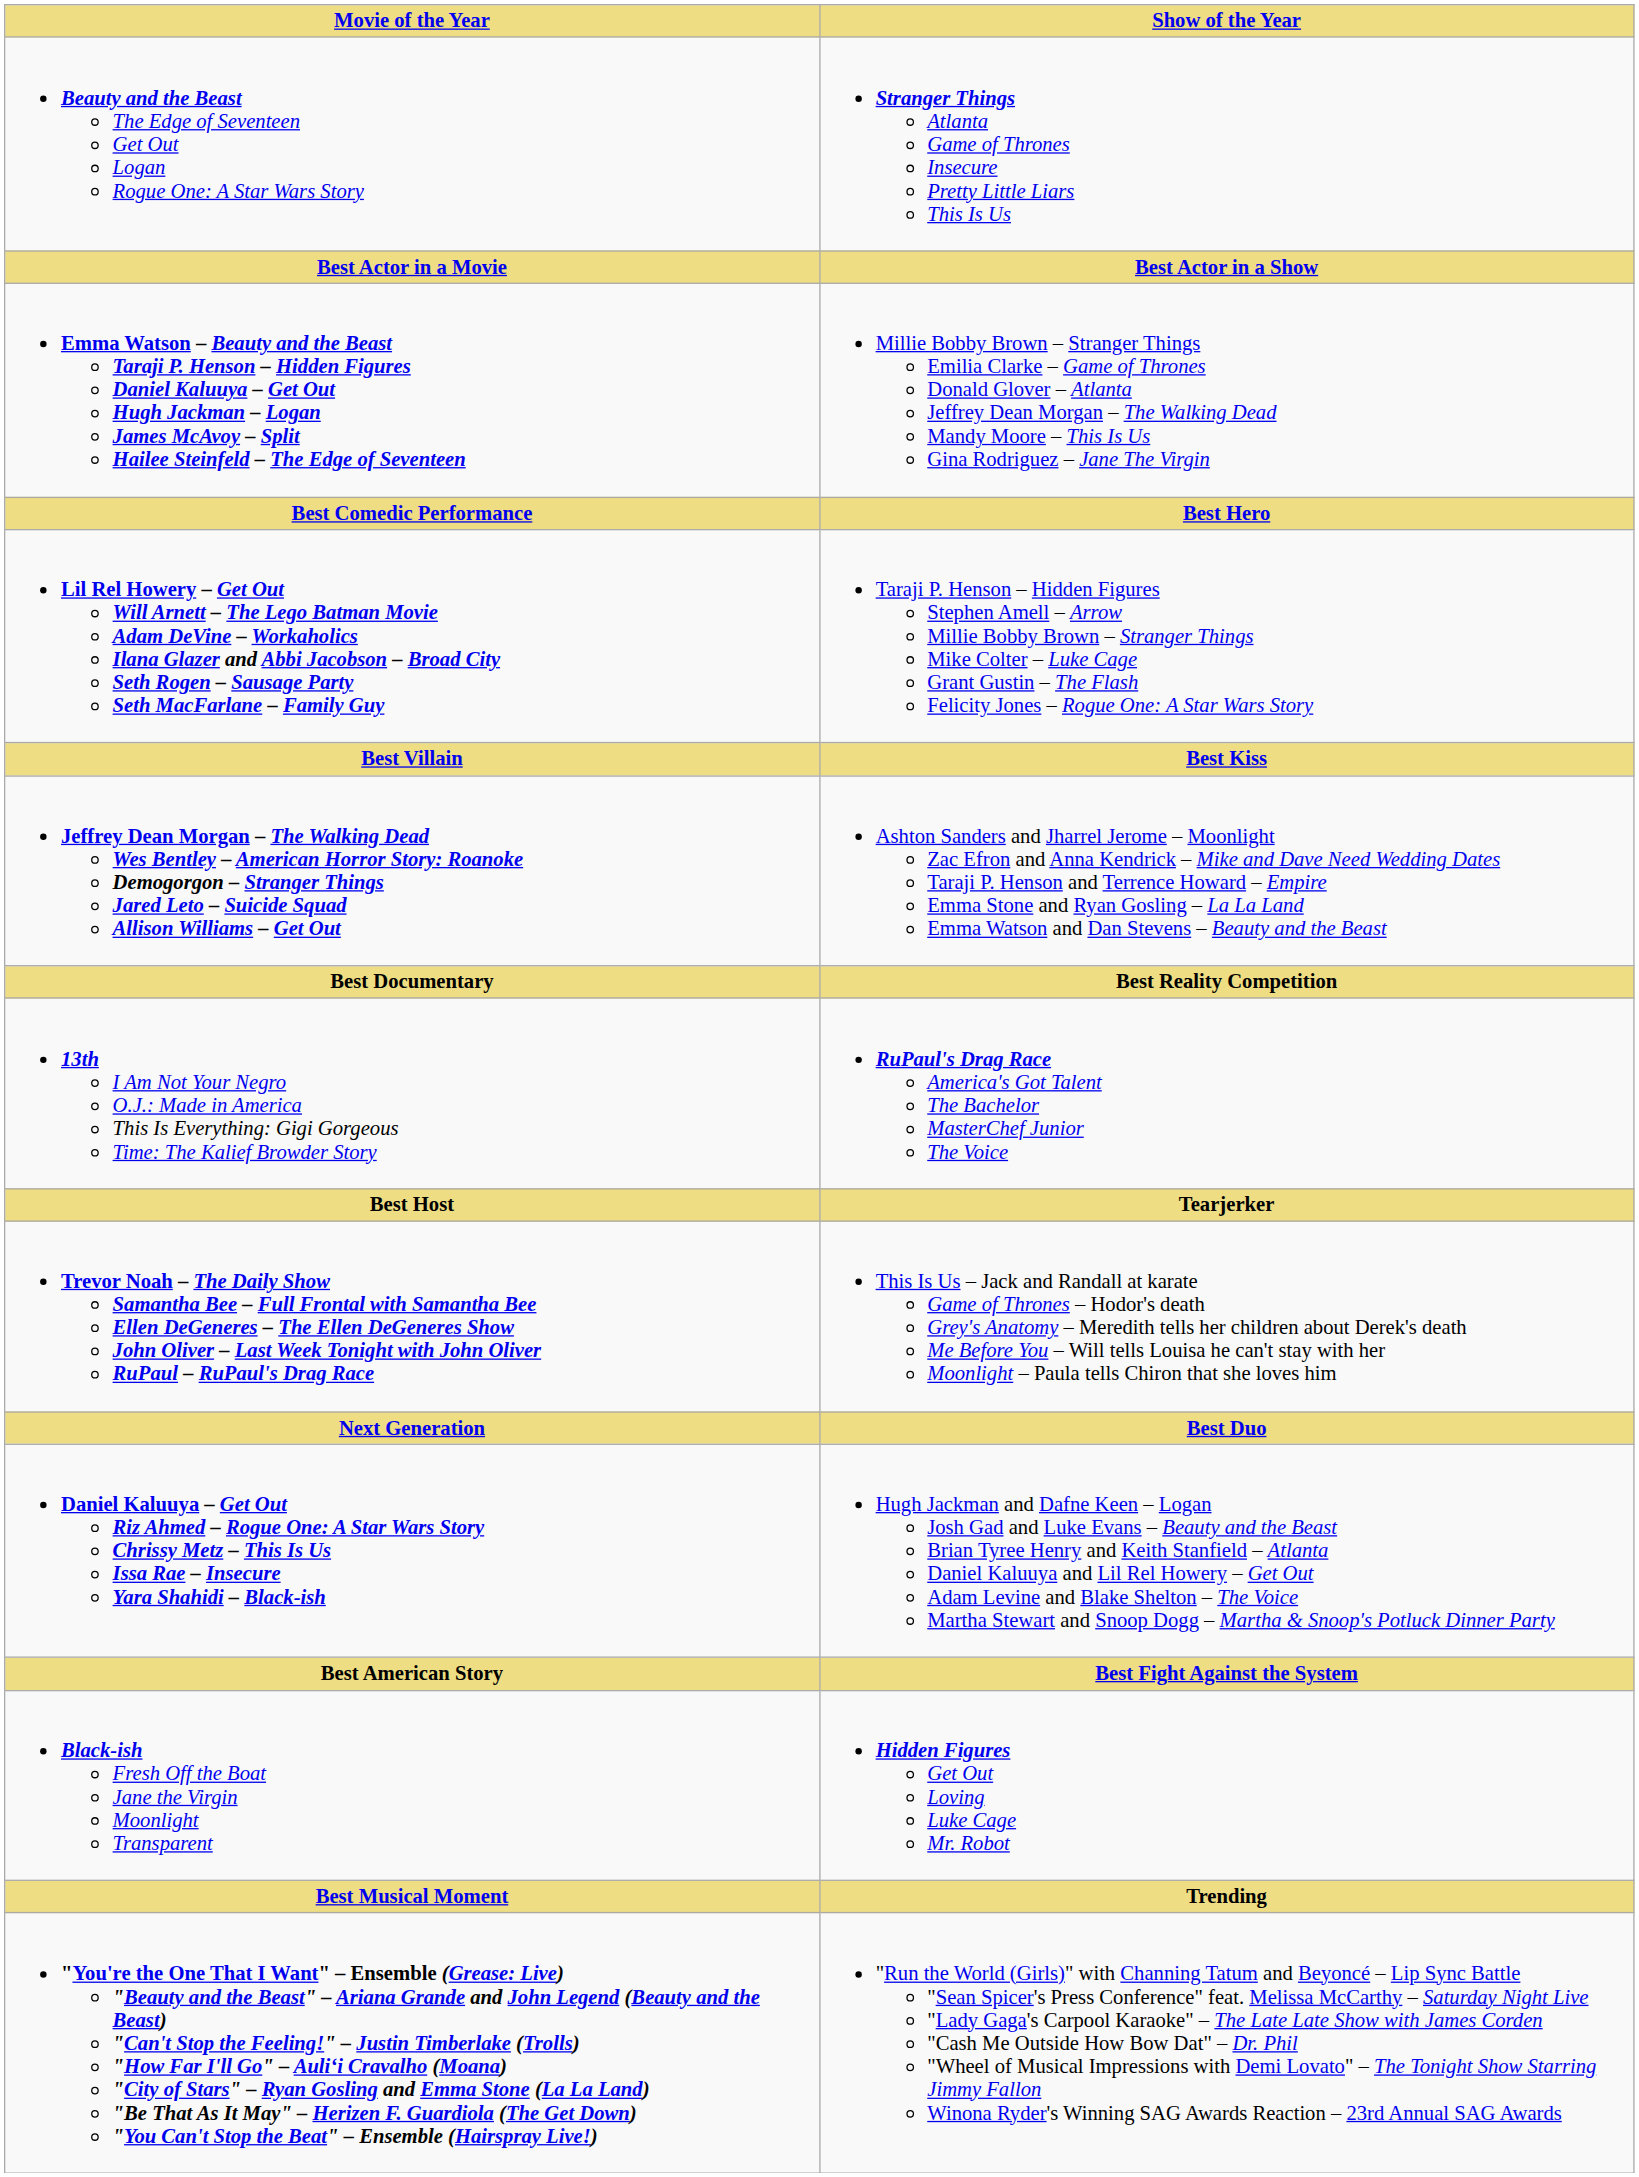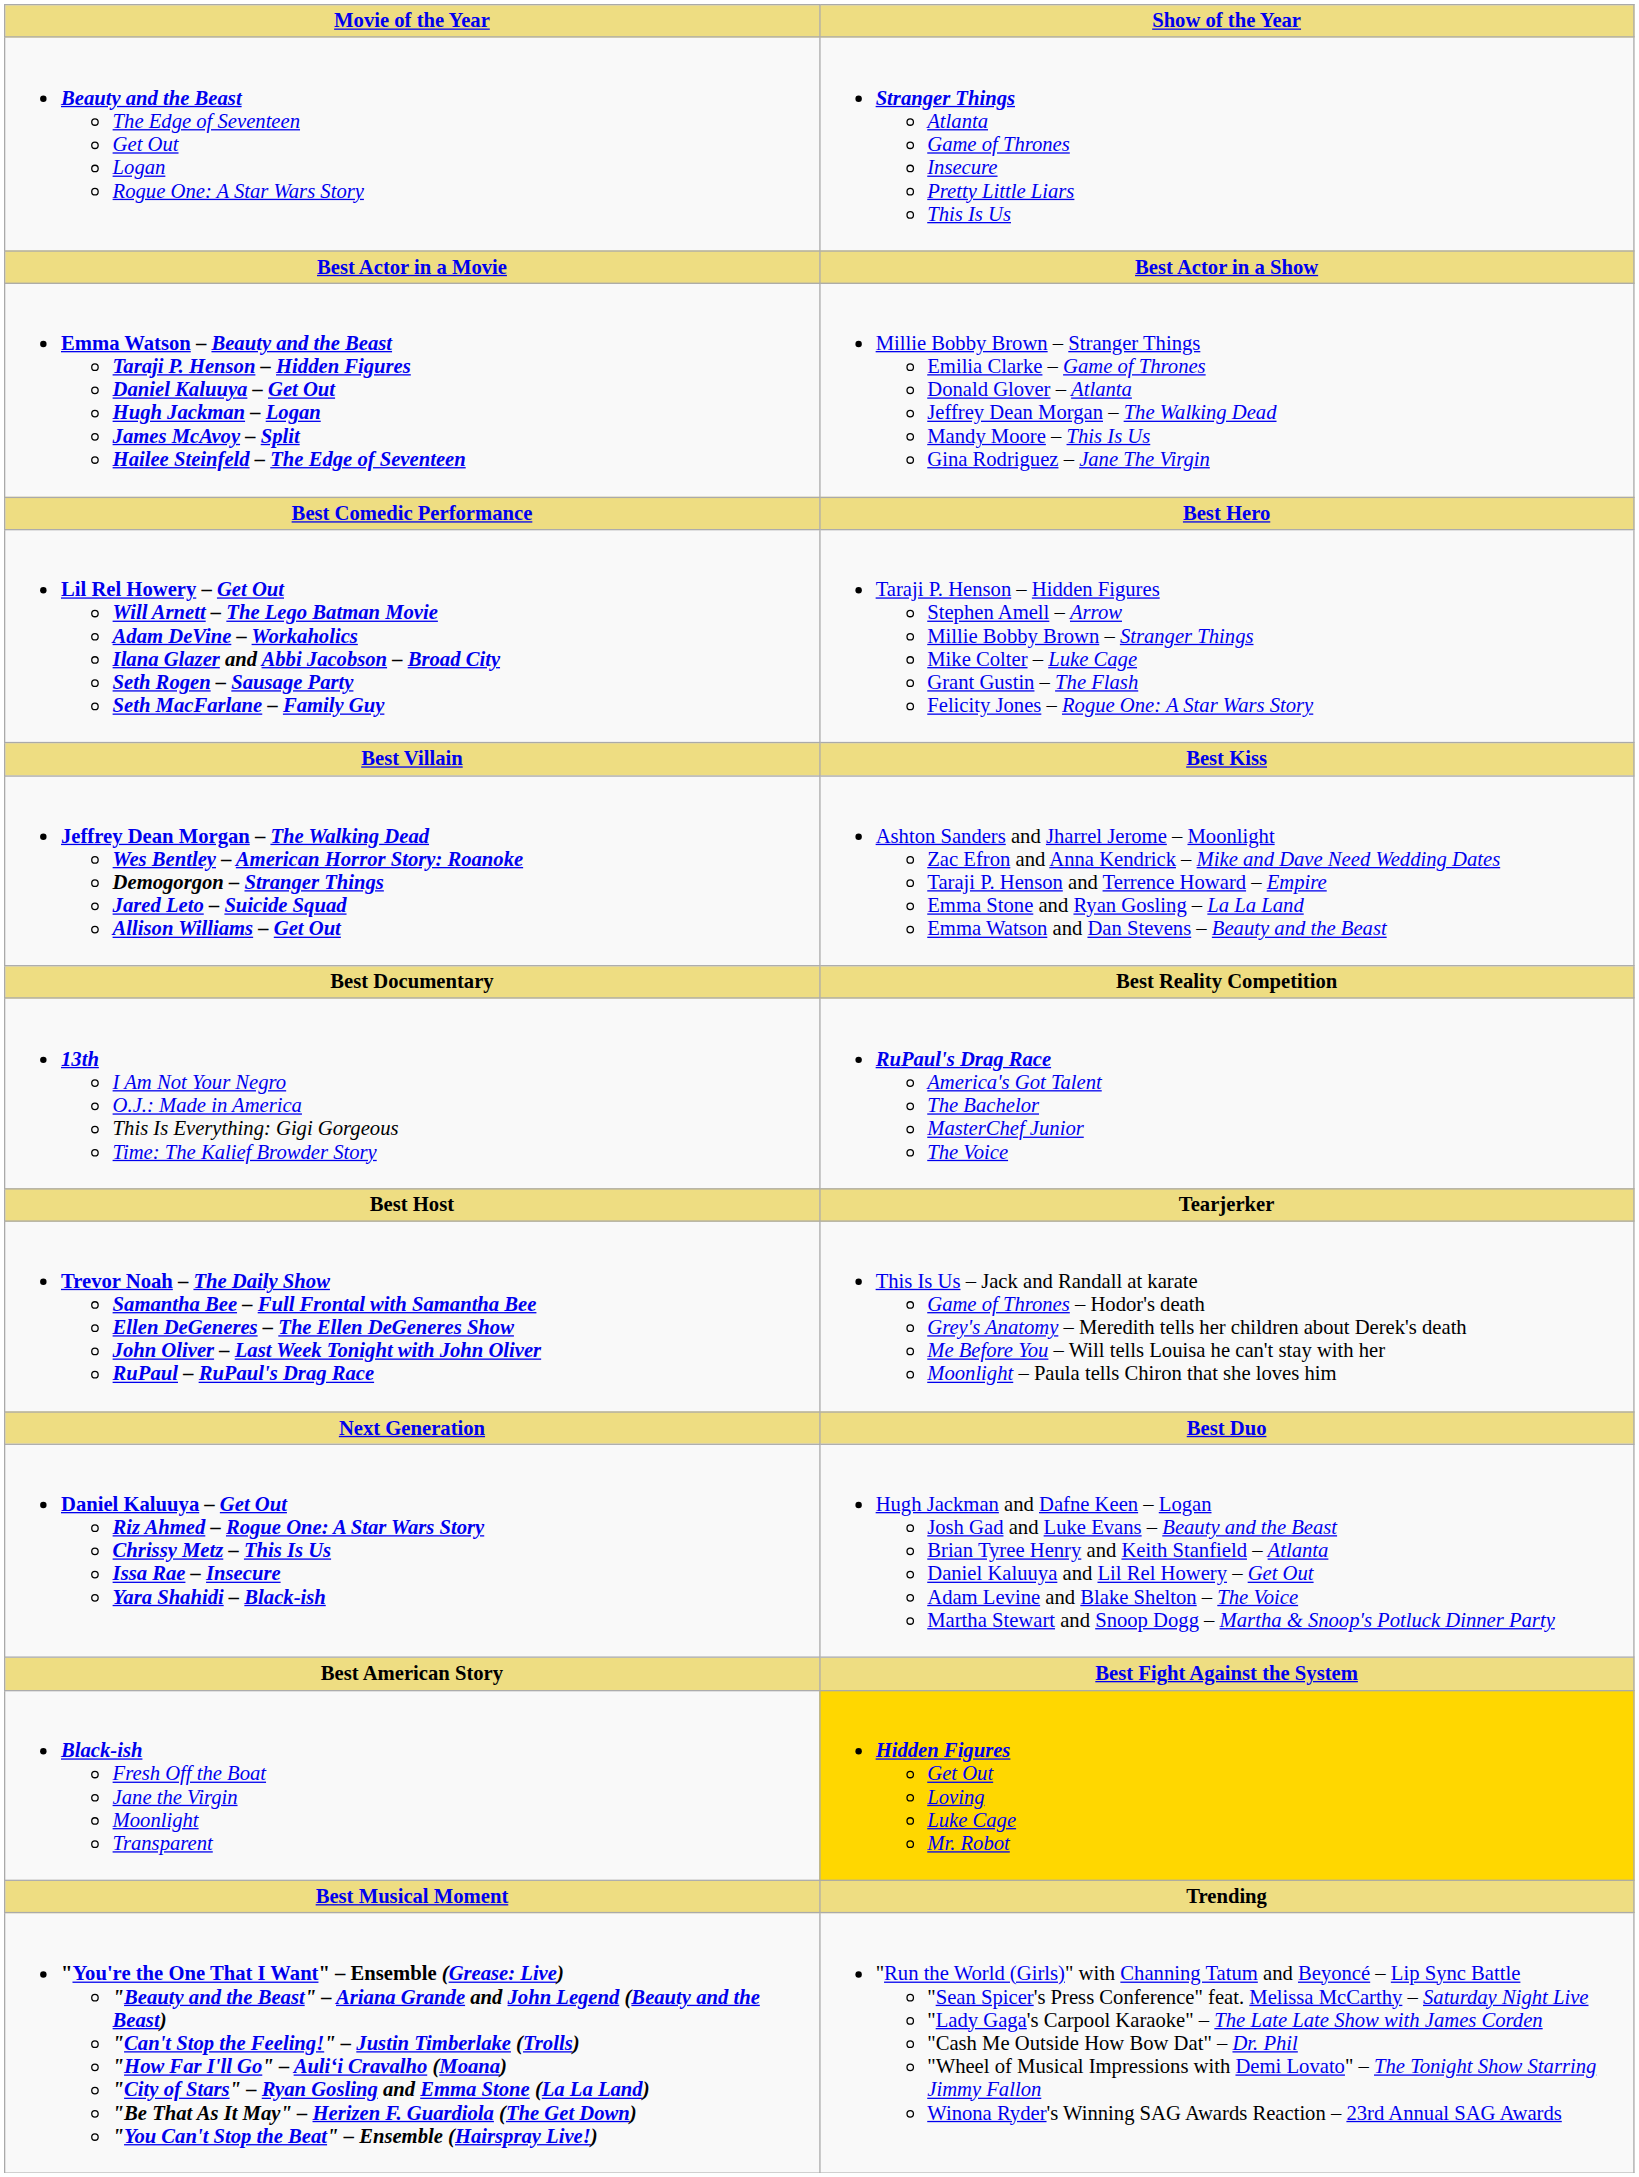 <table class="wikitable" style="width:100%">
 <tr>
 <th style="background:#EEDD82; width:50%"><a href='#'>Movie of the Year</a></th>
 <th style="background:#EEDD82; width:50%"><a href='#'>Show of the Year</a></th>
 </tr>
 <tr>
 <td valign="top"><br><ul><li><strong><em><a href='#'>Beauty and the Beast</a></em></strong><ul><li><em><a href='#'>The Edge of Seventeen</a></em></li><li><em><a href='#'>Get Out</a></em></li><li><em><a href='#'>Logan</a></em></li><li><em><a href='#'>Rogue One: A Star Wars Story</a></em></li></ul></li></ul></td>
 <td valign="top"><br><ul><li><strong><em><a href='#'>Stranger Things</a></em></strong><ul><li><em><a href='#'>Atlanta</a></em></li><li><em><a href='#'>Game of Thrones</a></em></li><li><em><a href='#'>Insecure</a></em></li><li><em><a href='#'>Pretty Little Liars</a></em></li><li><em><a href='#'>This Is Us</a></em></li></ul></li></ul></td>
 </tr>
 <tr>
 <th style="background:#EEDD82; width:50%"><a href='#'>Best Actor in a Movie</a></th>
 <th style="background:#EEDD82; width:50%"><a href='#'>Best Actor in a Show</a></th>
 </tr>
 <tr>
 <td valign="top"><br><ul><li><strong><a href='#'>Emma Watson</a> – <em><a href='#'>Beauty and the Beast</a><strong><em><ul><li><a href='#'>Taraji P. Henson</a> – </em><a href='#'>Hidden Figures</a><em></li><li><a href='#'>Daniel Kaluuya</a> – </em><a href='#'>Get Out</a><em></li><li><a href='#'>Hugh Jackman</a> – </em><a href='#'>Logan</a><em></li><li><a href='#'>James McAvoy</a> – </em><a href='#'>Split</a><em></li><li><a href='#'>Hailee Steinfeld</a> – </em><a href='#'>The Edge of Seventeen</a><em></li></ul></li></ul></td>
 <td valign="top"><br><ul><li></strong><a href='#'>Millie Bobby Brown</a> – </em><a href='#'>Stranger Things</a></em></strong><ul><li><a href='#'>Emilia Clarke</a> – <em><a href='#'>Game of Thrones</a></em></li><li><a href='#'>Donald Glover</a> – <em><a href='#'>Atlanta</a></em></li><li><a href='#'>Jeffrey Dean Morgan</a> – <em><a href='#'>The Walking Dead</a></em></li><li><a href='#'>Mandy Moore</a> – <em><a href='#'>This Is Us</a></em></li><li><a href='#'>Gina Rodriguez</a> – <em><a href='#'>Jane The Virgin</a></em></li></ul></li></ul></td>
 </tr>
 <tr>
 <th style="background:#EEDD82; width:50%"><a href='#'>Best Comedic Performance</a></th>
 <th style="background:#EEDD82; width:50%"><a href='#'>Best Hero</a></th>
 </tr>
 <tr>
 <td valign="top"><br><ul><li><strong><a href='#'>Lil Rel Howery</a> – <em><a href='#'>Get Out</a><strong><em><ul><li><a href='#'>Will Arnett</a> – </em><a href='#'>The Lego Batman Movie</a><em></li><li><a href='#'>Adam DeVine</a> – </em><a href='#'>Workaholics</a><em></li><li><a href='#'>Ilana Glazer</a> and <a href='#'>Abbi Jacobson</a> – </em><a href='#'>Broad City</a><em></li><li><a href='#'>Seth Rogen</a> – </em><a href='#'>Sausage Party</a><em></li><li><a href='#'>Seth MacFarlane</a> – </em><a href='#'>Family Guy</a><em></li></ul></li></ul></td>
 <td valign="top"><br><ul><li></strong><a href='#'>Taraji P. Henson</a> – </em><a href='#'>Hidden Figures</a></em></strong><ul><li><a href='#'>Stephen Amell</a> – <em><a href='#'>Arrow</a></em></li><li><a href='#'>Millie Bobby Brown</a> – <em><a href='#'>Stranger Things</a></em></li><li><a href='#'>Mike Colter</a> – <em><a href='#'>Luke Cage</a></em></li><li><a href='#'>Grant Gustin</a> – <em><a href='#'>The Flash</a></em></li><li><a href='#'>Felicity Jones</a> – <em><a href='#'>Rogue One: A Star Wars Story</a></em></li></ul></li></ul></td>
 </tr>
 <tr>
 <th style="background:#EEDD82; width:50%"><a href='#'>Best Villain</a></th>
 <th style="background:#EEDD82; width:50%"><a href='#'>Best Kiss</a></th>
 </tr>
 <tr>
 <td valign="top"><br><ul><li><strong><a href='#'>Jeffrey Dean Morgan</a> – <em><a href='#'>The Walking Dead</a><strong><em><ul><li><a href='#'>Wes Bentley</a> – </em><a href='#'>American Horror Story: Roanoke</a><em></li><li>Demogorgon – </em><a href='#'>Stranger Things</a><em></li><li><a href='#'>Jared Leto</a> – </em><a href='#'>Suicide Squad</a><em></li><li><a href='#'>Allison Williams</a> – </em><a href='#'>Get Out</a><em></li></ul></li></ul></td>
 <td valign="top"><br><ul><li></strong><a href='#'>Ashton Sanders</a> and <a href='#'>Jharrel Jerome</a> – </em><a href='#'>Moonlight</a></em></strong><ul><li><a href='#'>Zac Efron</a> and <a href='#'>Anna Kendrick</a> – <em><a href='#'>Mike and Dave Need Wedding Dates</a></em></li><li><a href='#'>Taraji P. Henson</a> and <a href='#'>Terrence Howard</a> – <em><a href='#'>Empire</a></em></li><li><a href='#'>Emma Stone</a> and <a href='#'>Ryan Gosling</a> – <em><a href='#'>La La Land</a></em></li><li><a href='#'>Emma Watson</a> and <a href='#'>Dan Stevens</a> – <em><a href='#'>Beauty and the Beast</a></em></li></ul></li></ul></td>
 </tr>
 <tr>
 <th style="background:#EEDD82; width:50%">Best Documentary</th>
 <th style="background:#EEDD82; width:50%">Best Reality Competition</th>
 </tr>
 <tr>
 <td valign="top"><br><ul><li><strong><em><a href='#'>13th</a></em></strong><ul><li><em><a href='#'>I Am Not Your Negro</a></em></li><li><em><a href='#'>O.J.: Made in America</a></em></li><li><em>This Is Everything: Gigi Gorgeous</em></li><li><em><a href='#'>Time: The Kalief Browder Story</a></em></li></ul></li></ul></td>
 <td valign="top"><br><ul><li><strong><em><a href='#'>RuPaul's Drag Race</a></em></strong><ul><li><em><a href='#'>America's Got Talent</a></em></li><li><em><a href='#'>The Bachelor</a></em></li><li><em><a href='#'>MasterChef Junior</a></em></li><li><em><a href='#'>The Voice</a></em></li></ul></li></ul></td>
 </tr>
 <tr>
 <th style="background:#EEDD82; width:50%">Best Host</th>
 <th style="background:#EEDD82; width:50%">Tearjerker</th>
 </tr>
 <tr>
 <td valign="top"><br><ul><li><strong><a href='#'>Trevor Noah</a> – <em><a href='#'>The Daily Show</a><strong><em><ul><li><a href='#'>Samantha Bee</a> – </em><a href='#'>Full Frontal with Samantha Bee</a><em></li><li><a href='#'>Ellen DeGeneres</a> – </em><a href='#'>The Ellen DeGeneres Show</a><em></li><li><a href='#'>John Oliver</a> – </em><a href='#'>Last Week Tonight with John Oliver</a><em></li><li><a href='#'>RuPaul</a> – </em><a href='#'>RuPaul's Drag Race</a><em></li></ul></li></ul></td>
 <td valign="top"><br><ul><li></em></strong><a href='#'>This Is Us</a></em> – Jack and Randall at karate</strong><ul><li><em><a href='#'>Game of Thrones</a></em> – Hodor's death</li><li><em><a href='#'>Grey's Anatomy</a></em> – Meredith tells her children about Derek's death</li><li><em><a href='#'>Me Before You</a></em> – Will tells Louisa he can't stay with her</li><li><em><a href='#'>Moonlight</a></em> – Paula tells Chiron that she loves him</li></ul></li></ul></td>
 </tr>
 <tr>
 <th style="background:#EEDD82; width:50%"><a href='#'>Next Generation</a></th>
 <th style="background:#EEDD82; width:50%"><a href='#'>Best Duo</a></th>
 </tr>
 <tr>
 <td valign="top"><br><ul><li><strong><a href='#'>Daniel Kaluuya</a> – <em><a href='#'>Get Out</a><strong><em><ul><li><a href='#'>Riz Ahmed</a> – </em><a href='#'>Rogue One: A Star Wars Story</a><em></li><li><a href='#'>Chrissy Metz</a> – </em><a href='#'>This Is Us</a><em></li><li><a href='#'>Issa Rae</a> – </em><a href='#'>Insecure</a><em></li><li><a href='#'>Yara Shahidi</a> – </em><a href='#'>Black-ish</a><em></li></ul></li></ul></td>
 <td valign="top"><br><ul><li></strong><a href='#'>Hugh Jackman</a> and <a href='#'>Dafne Keen</a> – </em><a href='#'>Logan</a></em></strong><ul><li><a href='#'>Josh Gad</a> and <a href='#'>Luke Evans</a> – <em><a href='#'>Beauty and the Beast</a></em></li><li><a href='#'>Brian Tyree Henry</a> and <a href='#'>Keith Stanfield</a> – <em><a href='#'>Atlanta</a></em></li><li><a href='#'>Daniel Kaluuya</a> and <a href='#'>Lil Rel Howery</a> – <em><a href='#'>Get Out</a></em></li><li><a href='#'>Adam Levine</a> and <a href='#'>Blake Shelton</a> – <em><a href='#'>The Voice</a></em></li><li><a href='#'>Martha Stewart</a> and <a href='#'>Snoop Dogg</a> – <em><a href='#'>Martha & Snoop's Potluck Dinner Party</a></em></li></ul></li></ul></td>
 </tr>
 <tr>
 <th style="background:#EEDD82; width:50%">Best American Story</th>
 <th style="background:#EEDD82; width:50%"><a href='#'>Best Fight Against the System</a></th>
 </tr>
 <tr>
 <td valign="top"><br><ul><li><strong><em><a href='#'>Black-ish</a></em></strong><ul><li><em><a href='#'>Fresh Off the Boat</a></em></li><li><em><a href='#'>Jane the Virgin</a></em></li><li><em><a href='#'>Moonlight</a></em></li><li><em><a href='#'>Transparent</a></em></li></ul></li></ul></td>
-<td valign="top"><br><ul><li><strong><em><a href='#'>Hidden Figures</a></em></strong><ul><li><em><a href='#'>Get Out</a></em></li><li><em><a href='#'>Loving</a></em></li><li><em><a href='#'>Luke Cage</a></em></li><li><em><a href='#'>Mr. Robot</a></em></li></ul></li></ul></td>
+<td valign="top" style="background: gold;"><br><ul><li><strong><em><a href='#'>Hidden Figures</a></em></strong><ul><li><em><a href='#'>Get Out</a></em></li><li><em><a href='#'>Loving</a></em></li><li><em><a href='#'>Luke Cage</a></em></li><li><em><a href='#'>Mr. Robot</a></em></li></ul></li></ul></td>
 </tr>
 <tr>
 <th style="background:#EEDD82; width:50%"><a href='#'>Best Musical Moment</a></th>
 <th style="background:#EEDD82; width:50%">Trending</th>
 </tr>
 <tr>
 <td valign="top"><br><ul><li><strong>"<a href='#'>You're the One That I Want</a>" – Ensemble <em>(<a href='#'>Grease: Live</a>)<strong><em><ul><li>"<a href='#'>Beauty and the Beast</a>" – <a href='#'>Ariana Grande</a> and <a href='#'>John Legend</a> (</em><a href='#'>Beauty and the Beast</a><em>)</li><li>"<a href='#'>Can't Stop the Feeling!</a>" – <a href='#'>Justin Timberlake</a> (</em><a href='#'>Trolls</a><em>)</li><li>"<a href='#'>How Far I'll Go</a>" – <a href='#'>Auliʻi Cravalho</a> (</em><a href='#'>Moana</a><em>)</li><li>"<a href='#'>City of Stars</a>" – <a href='#'>Ryan Gosling</a> and <a href='#'>Emma Stone</a> (</em><a href='#'>La La Land</a><em>)</li><li>"Be That As It May" – <a href='#'>Herizen F. Guardiola</a> (</em><a href='#'>The Get Down</a><em>)</li><li>"<a href='#'>You Can't Stop the Beat</a>" – Ensemble (</em><a href='#'>Hairspray Live!</a><em>)</li></ul></li></ul></td>
 <td valign="top"><br><ul><li></strong>"<a href='#'>Run the World (Girls)</a>" with <a href='#'>Channing Tatum</a> and <a href='#'>Beyoncé</a> – </em><a href='#'>Lip Sync Battle</a></em></strong><ul><li>"<a href='#'>Sean Spicer</a>'s Press Conference" feat. <a href='#'>Melissa McCarthy</a> – <em><a href='#'>Saturday Night Live</a></em></li><li>"<a href='#'>Lady Gaga</a>'s Carpool Karaoke" – <em><a href='#'>The Late Late Show with James Corden</a></em></li><li>"Cash Me Outside How Bow Dat" – <em><a href='#'>Dr. Phil</a></em></li><li>"Wheel of Musical Impressions with <a href='#'>Demi Lovato</a>" – <em><a href='#'>The Tonight Show Starring Jimmy Fallon</a></em></li><li><a href='#'>Winona Ryder</a>'s Winning SAG Awards Reaction – <a href='#'>23rd Annual SAG Awards</a></li></ul></li></ul></td>
 </tr>
 </table>
